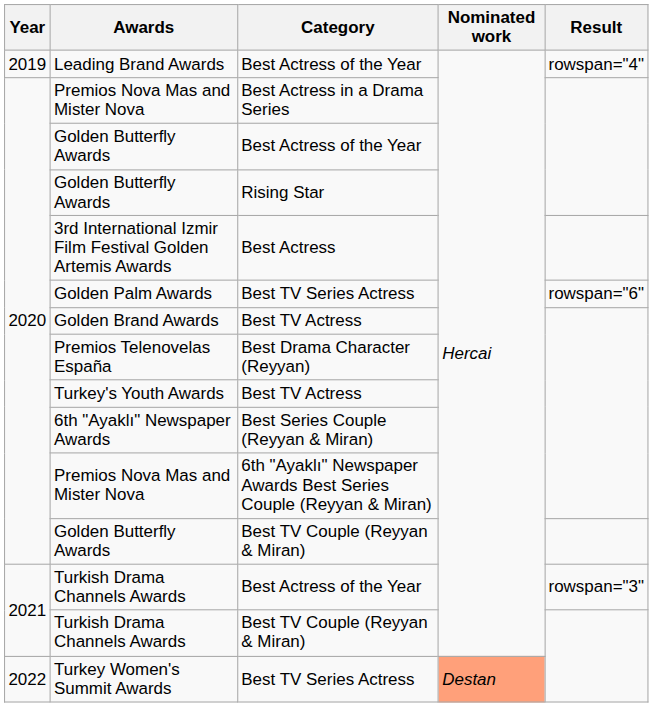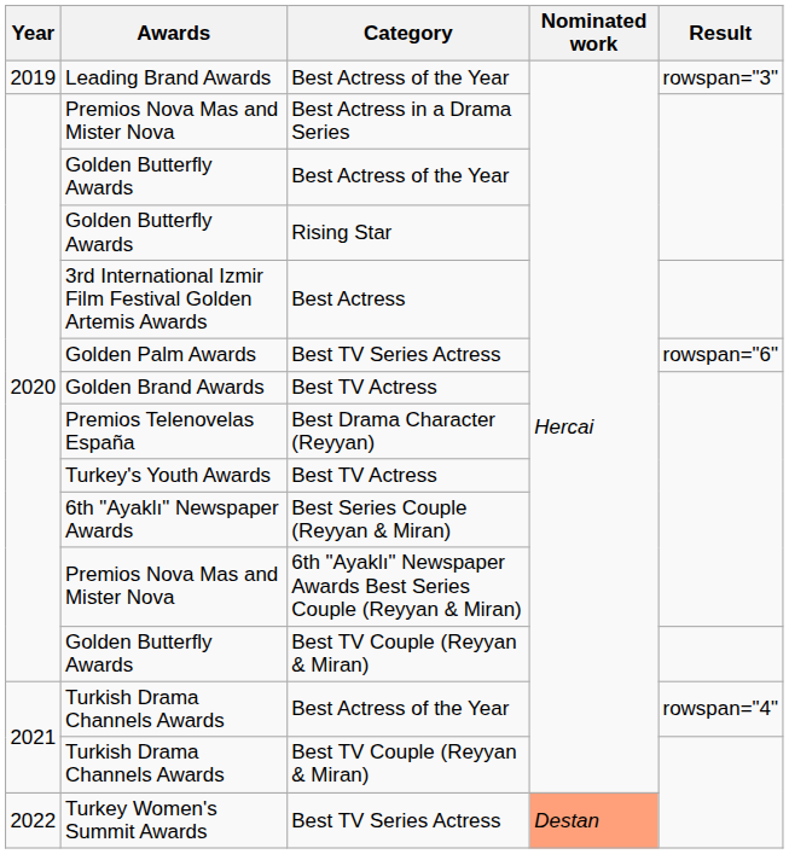 <table class="wikitable">
 <tr>
 <th scope="col">Year</th>
 <th scope="col">Awards</th>
 <th>Category</th>
 <th scope="col">Nominated work</th>
 <th>Result</th>
 </tr>
 <tr>
 <td>2019</td>
 <td>Leading Brand Awards</td>
 <td>Best Actress of the Year</td>
 <td rowspan="14"><em>Hercai</em></td>
-<td>rowspan="4" </td>
+<td>rowspan="3" </td>
 </tr>
 <tr>
 <td rowspan="11">2020</td>
 <td>Premios Nova Mas and Mister Nova</td>
 <td>Best Actress in a Drama Series</td>
 </tr>
 <tr>
 <td>Golden Butterfly Awards</td>
 <td>Best Actress of the Year</td>
 </tr>
 <tr>
 <td>Golden Butterfly Awards</td>
 <td>Rising Star</td>
 </tr>
 <tr>
 <td>3rd International Izmir Film Festival Golden Artemis Awards</td>
 <td>Best Actress</td>
 <td></td>
 </tr>
 <tr>
 <td>Golden Palm Awards</td>
 <td>Best TV Series Actress</td>
 <td>rowspan="6" </td>
 </tr>
 <tr>
 <td>Golden Brand Awards</td>
 <td>Best TV Actress</td>
 </tr>
 <tr>
 <td>Premios Telenovelas España</td>
 <td>Best Drama Character (Reyyan)</td>
 </tr>
 <tr>
 <td>Turkey's Youth Awards</td>
 <td>Best TV Actress</td>
 </tr>
 <tr>
 <td>6th "Ayaklı" Newspaper Awards</td>
 <td>Best Series Couple (Reyyan & Miran)</td>
 </tr>
 <tr>
 <td>Premios Nova Mas and Mister Nova</td>
 <td>6th "Ayaklı" Newspaper Awards Best Series Couple (Reyyan & Miran)</td>
 </tr>
 <tr>
 <td>Golden Butterfly Awards</td>
 <td>Best TV Couple (Reyyan & Miran)</td>
 <td></td>
 </tr>
 <tr>
 <td rowspan="2">2021</td>
 <td>Turkish Drama Channels Awards</td>
 <td>Best Actress of the Year</td>
-<td>rowspan="3" </td>
+<td>rowspan="4" </td>
 </tr>
 <tr>
 <td>Turkish Drama Channels Awards</td>
 <td>Best TV Couple (Reyyan & Miran)</td>
 </tr>
 <tr>
 <td>2022</td>
 <td>Turkey Women's Summit Awards</td>
 <td>Best TV Series Actress</td>
 <td style="background: lightsalmon;"><em>Destan</em></td>
 </tr>
 </table>
